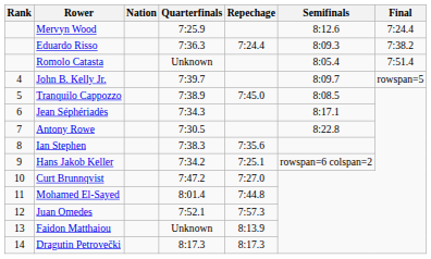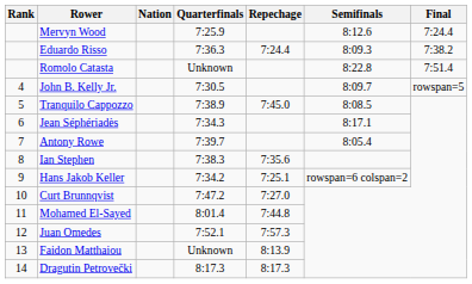 <table class="wikitable sortable" style="text-align:center">
 <tr>
 <th>Rank</th>
 <th>Rower</th>
 <th>Nation</th>
 <th>Quarterfinals</th>
 <th>Repechage</th>
 <th>Semifinals</th>
 <th>Final</th>
 </tr>
 <tr>
 <td></td>
 <td align=left><a href='#'>Mervyn Wood</a></td>
 <td align=left></td>
 <td>7:25.9</td>
 <td></td>
 <td>8:12.6</td>
 <td>7:24.4</td>
 </tr>
 <tr>
 <td></td>
 <td align=left><a href='#'>Eduardo Risso</a></td>
 <td align=left></td>
 <td>7:36.3</td>
 <td>7:24.4</td>
 <td>8:09.3</td>
 <td>7:38.2</td>
 </tr>
 <tr>
 <td></td>
 <td align=left><a href='#'>Romolo Catasta</a></td>
 <td align=left></td>
 <td data-sort-value=9:99.9>Unknown</td>
 <td></td>
-<td>8:05.4</td>
+<td>8:22.8</td>
 <td>7:51.4</td>
 </tr>
 <tr>
 <td>4</td>
 <td align=left><a href='#'>John B. Kelly Jr.</a></td>
 <td align=left></td>
-<td>7:39.7</td>
+<td>7:30.5</td>
 <td></td>
 <td>8:09.7</td>
 <td>rowspan=5 </td>
 </tr>
 <tr>
 <td>5</td>
 <td align=left><a href='#'>Tranquilo Cappozzo</a></td>
 <td align=left></td>
 <td>7:38.9</td>
 <td>7:45.0</td>
 <td>8:08.5</td>
 </tr>
 <tr>
 <td>6</td>
 <td align=left><a href='#'>Jean Séphériadès</a></td>
 <td align=left></td>
 <td>7:34.3</td>
 <td></td>
 <td>8:17.1</td>
 </tr>
 <tr>
 <td>7</td>
 <td align=left><a href='#'>Antony Rowe</a></td>
 <td align=left></td>
-<td>7:30.5</td>
+<td>7:39.7</td>
 <td></td>
-<td>8:22.8</td>
+<td>8:05.4</td>
 </tr>
 <tr>
 <td>8</td>
 <td align=left><a href='#'>Ian Stephen</a></td>
 <td align=left></td>
 <td>7:38.3</td>
 <td>7:35.6</td>
 <td data-sort-value=9:99.9></td>
 </tr>
 <tr>
 <td>9</td>
 <td align=left><a href='#'>Hans Jakob Keller</a></td>
 <td align=left></td>
 <td>7:34.2</td>
 <td>7:25.1</td>
 <td>rowspan=6 colspan=2 </td>
 </tr>
 <tr>
 <td>10</td>
 <td align=left><a href='#'>Curt Brunnqvist</a></td>
 <td align=left></td>
 <td>7:47.2</td>
 <td>7:27.0</td>
 </tr>
 <tr>
 <td>11</td>
 <td align=left><a href='#'>Mohamed El-Sayed</a></td>
 <td align=left></td>
 <td>8:01.4</td>
 <td>7:44.8</td>
 </tr>
 <tr>
 <td>12</td>
 <td align=left><a href='#'>Juan Omedes</a></td>
 <td align=left></td>
 <td>7:52.1</td>
 <td>7:57.3</td>
 </tr>
 <tr>
 <td>13</td>
 <td align=left><a href='#'>Faidon Matthaiou</a></td>
 <td align=left></td>
 <td data-sort-value=9:99.9>Unknown</td>
 <td>8:13.9</td>
 </tr>
 <tr>
 <td>14</td>
 <td align=left><a href='#'>Dragutin Petrovečki</a></td>
 <td align=left></td>
 <td>8:17.3</td>
 <td>8:17.3</td>
 </tr>
 </table>
